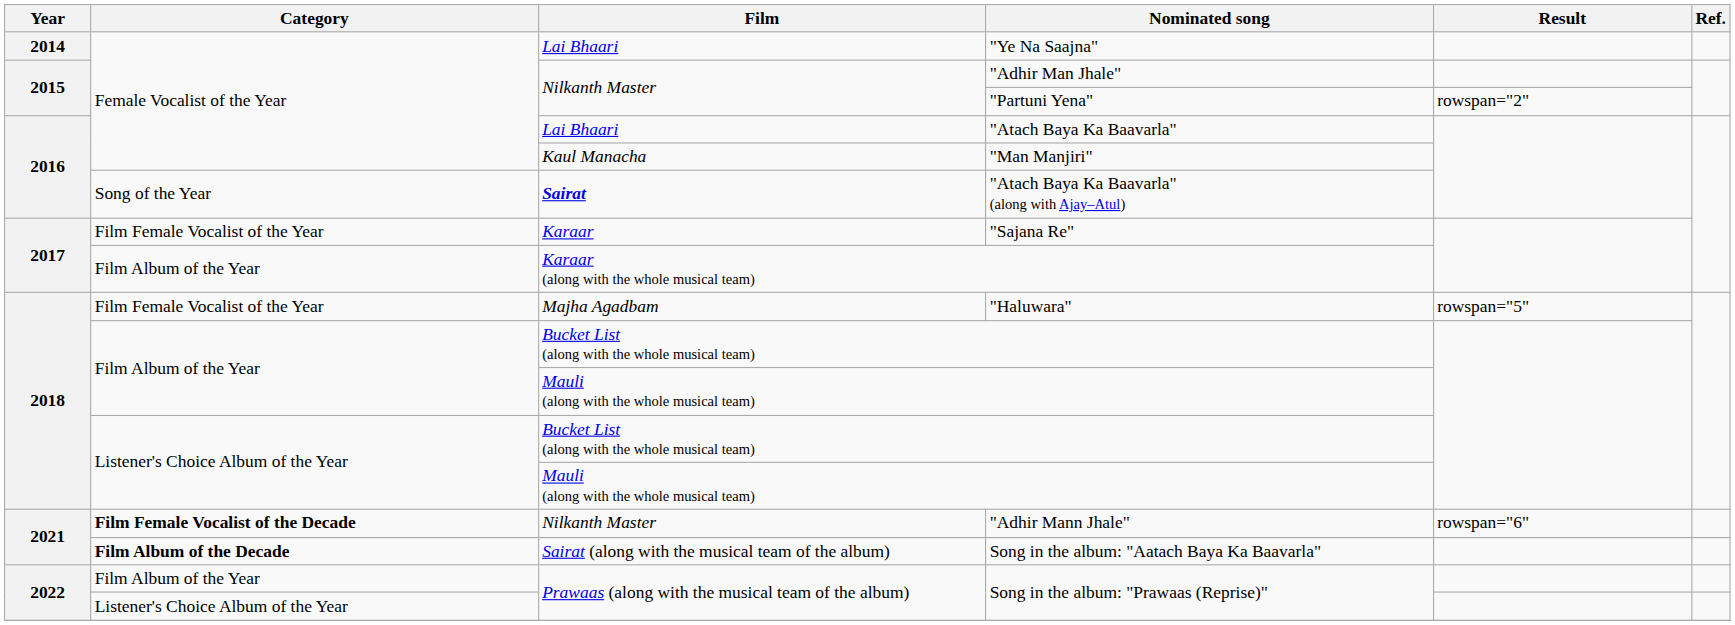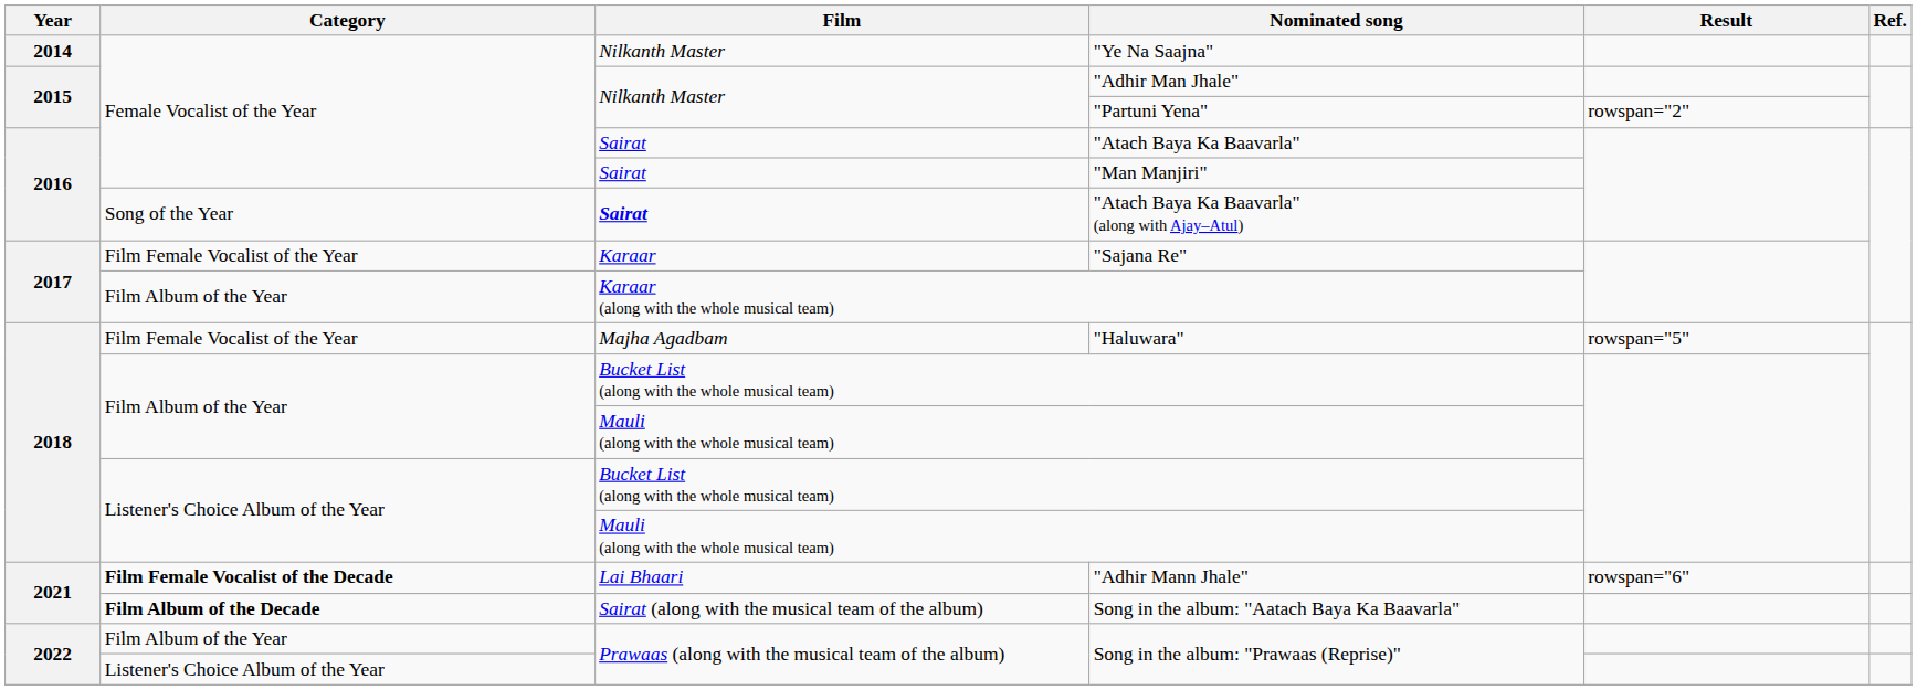 <table class="wikitable plainrowheaders" width="100%" textcolor:#000;">
 <tr>
 <th scope="col" width=5%><strong>Year</strong></th>
 <th scope="col" width=26%><strong>Category</strong></th>
 <th scope="col" width=26%><strong>Film</strong></th>
 <th scope="col" width=26%><strong>Nominated song</strong></th>
 <th scope="col" width=15%><strong>Result</strong></th>
 <th scope="col" width=2%><strong>Ref.</strong></th>
 </tr>
 <tr>
 <th scope="row">2014</th>
 <td rowspan="5">Female Vocalist of the Year</td>
-<td><em><a href='#'>Lai Bhaari</a></em></td>
+<td><em>Nilkanth Master</em></td>
 <td>"Ye Na Saajna"</td>
 <td></td>
 <td></td>
 </tr>
 <tr>
 <th scope="row" rowspan="2">2015</th>
 <td rowspan="2"><em>Nilkanth Master</em></td>
 <td>"Adhir Man Jhale"</td>
 <td></td>
 <td rowspan="2"></td>
 </tr>
 <tr>
 <td>"Partuni Yena"</td>
 <td>rowspan="2" </td>
 </tr>
 <tr>
 <th scope="row" rowspan="3">2016</th>
-<td><em><a href='#'>Lai Bhaari</a></em></td>
+<td><em><a href='#'>Sairat</a></em></td>
 <td>"Atach Baya Ka Baavarla"</td>
 <td rowspan="3"><br></td>
 </tr>
 <tr>
-<td><em>Kaul Manacha</em></td>
+<td><em><a href='#'>Sairat</a></em></td>
 <td>"Man Manjiri"</td>
 </tr>
 <tr>
 <td>Song of the Year</td>
 <td><strong><em><a href='#'>Sairat</a></em></strong></td>
 <td>"Atach Baya Ka Baavarla" <br><small>(along with <a href='#'>Ajay–Atul</a>)</small></td>
 </tr>
 <tr>
 <th scope="row" rowspan="2">2017</th>
 <td>Film Female Vocalist of the Year</td>
 <td><em><a href='#'>Karaar</a></em></td>
 <td>"Sajana Re"</td>
 <td rowspan="2"></td>
 </tr>
 <tr>
 <td>Film Album of the Year</td>
 <td colspan="2"><em><a href='#'>Karaar</a></em> <br><small>(along with the whole musical team)</small></td>
 </tr>
 <tr>
 <th scope="row" rowspan="5">2018</th>
 <td>Film Female Vocalist of the Year</td>
 <td><em>Majha Agadbam</em></td>
 <td>"Haluwara"</td>
 <td>rowspan="5" </td>
 <td rowspan="5"></td>
 </tr>
 <tr>
 <td rowspan="2">Film Album of the Year</td>
 <td colspan="2"><a href='#'><em>Bucket List</em></a> <br><small>(along with the whole musical team)</small></td>
 </tr>
 <tr>
 <td colspan="2"><a href='#'><em>Mauli</em></a> <br><small>(along with the whole musical team)</small></td>
 </tr>
 <tr>
 <td rowspan="2">Listener's Choice Album of the Year</td>
 <td colspan="2"><a href='#'><em>Bucket List</em></a> <br><small>(along with the whole musical team)</small></td>
 </tr>
 <tr>
 <td colspan="2"><a href='#'><em>Mauli</em></a> <br><small>(along with the whole musical team)</small></td>
 </tr>
 <tr>
 <th scope="row" rowspan="2">2021</th>
 <td><strong>Film Female Vocalist of the Decade</strong></td>
-<td><em>Nilkanth Master</em></td>
+<td><em><a href='#'>Lai Bhaari</a></em></td>
 <td>"Adhir Mann Jhale"</td>
 <td>rowspan="6" </td>
 <td></td>
 </tr>
 <tr>
 <td><strong>Film Album of the Decade</strong></td>
 <td><em><a href='#'>Sairat</a></em> (along with the musical team of the album)</td>
 <td>Song in the album: "Aatach Baya Ka Baavarla"</td>
 <td></td>
 </tr>
 <tr>
 <th scope="row" rowspan="2">2022</th>
 <td>Film Album of the Year</td>
 <td rowspan="2"><em><a href='#'>Prawaas</a></em> (along with the musical team of the album)</td>
 <td rowspan="2">Song in the album: "Prawaas (Reprise)"</td>
 <td></td>
 <td></td>
 </tr>
 <tr>
 <td>Listener's Choice Album of the Year</td>
 <td></td>
 <td></td>
 </tr>
 <tr>
 </tr>
 </table>
